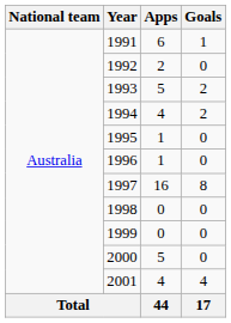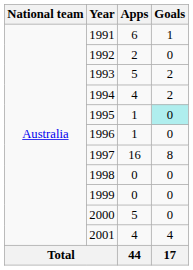 <table class="wikitable" style="text-align:center">
 <tr>
 <th>National team</th>
 <th>Year</th>
 <th>Apps</th>
 <th>Goals</th>
 </tr>
 <tr>
 <td rowspan="11"><a href='#'>Australia</a></td>
 <td>1991</td>
 <td>6</td>
 <td>1</td>
 </tr>
 <tr>
 <td>1992</td>
 <td>2</td>
 <td>0</td>
 </tr>
 <tr>
 <td>1993</td>
 <td>5</td>
 <td>2</td>
 </tr>
 <tr>
 <td>1994</td>
 <td>4</td>
 <td>2</td>
 </tr>
 <tr>
 <td>1995</td>
 <td>1</td>
-<td>0</td>
+<td style="background: paleturquoise;">0</td>
 </tr>
 <tr>
 <td>1996</td>
 <td>1</td>
 <td>0</td>
 </tr>
 <tr>
 <td>1997</td>
 <td>16</td>
 <td>8</td>
 </tr>
 <tr>
 <td>1998</td>
 <td>0</td>
 <td>0</td>
 </tr>
 <tr>
 <td>1999</td>
 <td>0</td>
 <td>0</td>
 </tr>
 <tr>
 <td>2000</td>
 <td>5</td>
 <td>0</td>
 </tr>
 <tr>
 <td>2001</td>
 <td>4</td>
 <td>4</td>
 </tr>
 <tr>
 <th colspan="2">Total</th>
 <th>44</th>
 <th>17</th>
 </tr>
 </table>
